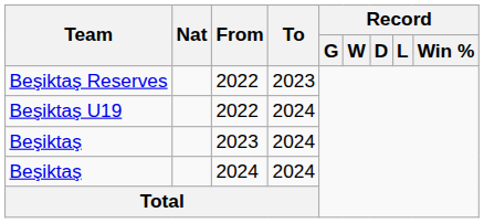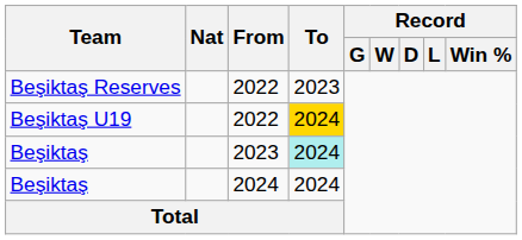 <table class="wikitable" style="text-align:centre">
 <tr>
 <th rowspan=2>Team</th>
 <th rowspan=2>Nat</th>
 <th rowspan=2>From</th>
 <th rowspan=2>To</th>
 <th colspan=8>Record</th>
 </tr>
 <tr>
 <th>G</th>
 <th>W</th>
 <th>D</th>
 <th>L</th>
 <th>Win %</th>
 </tr>
 <tr>
 <td><a href='#'>Beşiktaş Reserves</a></td>
 <td></td>
 <td align=left>2022</td>
 <td align=left>2023<br></td>
 </tr>
 <tr>
 <td><a href='#'>Beşiktaş U19</a></td>
 <td></td>
 <td align=left>2022</td>
-<td align=left>2024<br></td>
+<td align=left style="background: gold;">2024<br></td>
 </tr>
 <tr>
 <td><a href='#'>Beşiktaş</a></td>
 <td></td>
 <td align=left>2023</td>
-<td align=left>2024<br></td>
+<td align=left style="background: paleturquoise;">2024<br></td>
 </tr>
 <tr>
 <td><a href='#'>Beşiktaş</a></td>
 <td></td>
 <td align=left>2024</td>
 <td align=left>2024<br></td>
 </tr>
 <tr>
 <th colspan="4">Total<br></th>
 </tr>
 </table>
